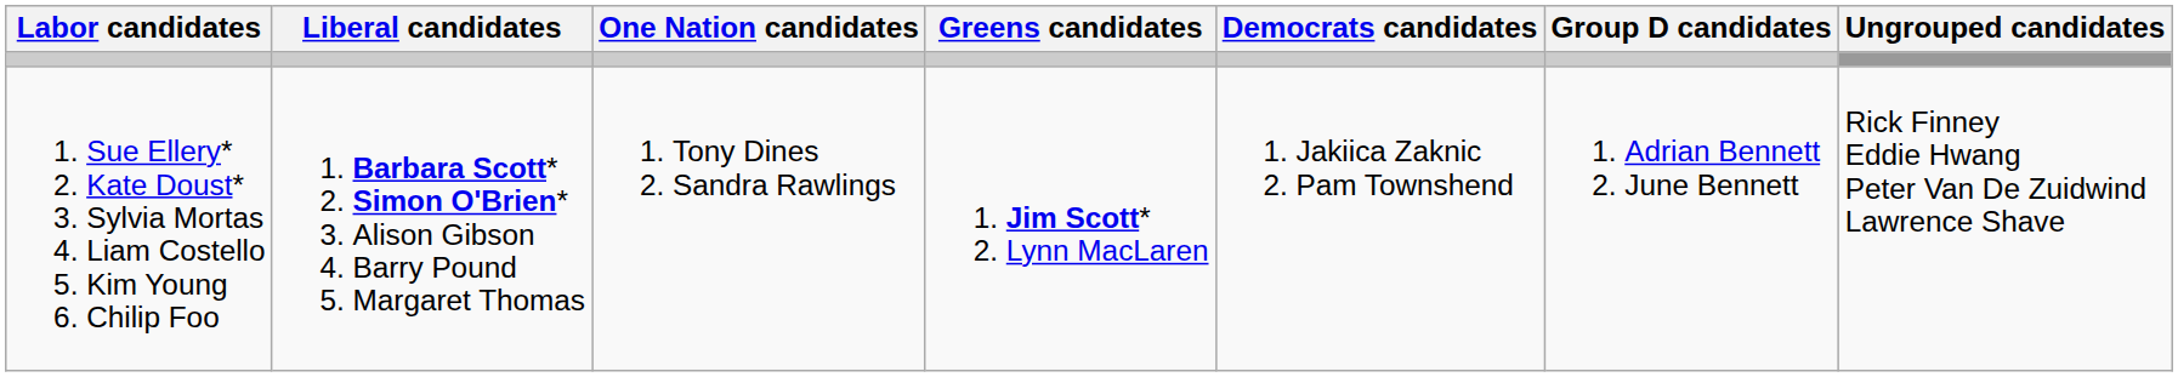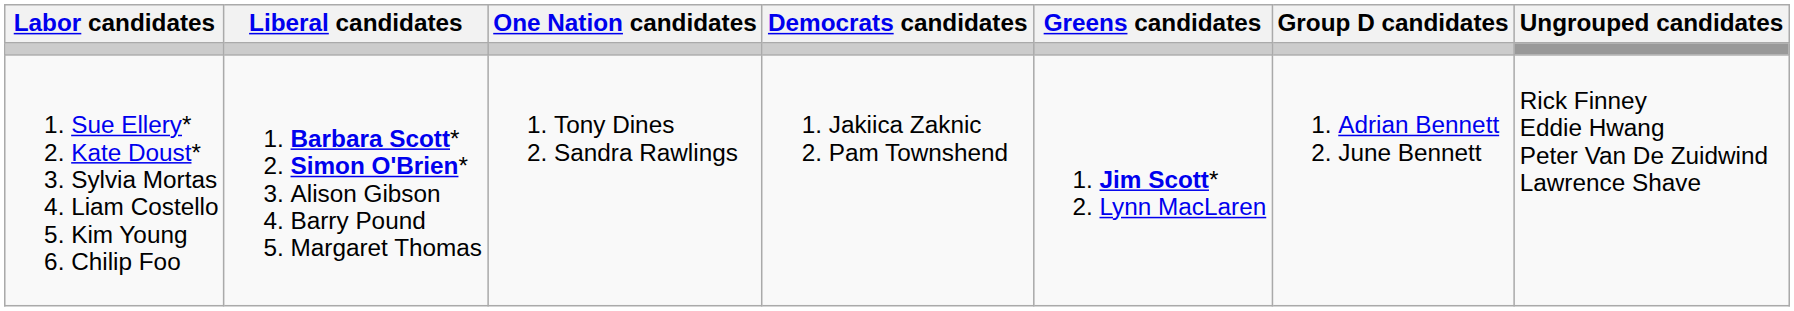 <table class="wikitable">
 <tr>
 <th><a href='#'>Labor</a> candidates</th>
 <th><a href='#'>Liberal</a> candidates</th>
 <th><a href='#'>One Nation</a> candidates</th>
+<th><a href='#'>Democrats</a> candidates</th>
 <th><a href='#'>Greens</a> candidates</th>
-<th><a href='#'>Democrats</a> candidates</th>
 <th>Group D candidates</th>
 <th>Ungrouped candidates</th>
 </tr>
 <tr bgcolor="#cccccc">
 <td></td>
 <td></td>
 <td></td>
 <td></td>
 <td></td>
 <td></td>
 <td bgcolor="#999999"></td>
 </tr>
 <tr>
 <td><br><ol><li><a href='#'>Sue Ellery</a>*</li><li><a href='#'>Kate Doust</a>*</li><li>Sylvia Mortas</li><li>Liam Costello</li><li>Kim Young</li><li>Chilip Foo</li></ol></td>
 <td><br><ol><li><strong><a href='#'>Barbara Scott</a></strong>*</li><li><strong><a href='#'>Simon O'Brien</a></strong>*</li><li>Alison Gibson</li><li>Barry Pound</li><li>Margaret Thomas</li></ol></td>
 <td valign=top><br><ol><li>Tony Dines</li><li>Sandra Rawlings</li></ol></td>
+<td valign=top><br><ol><li>Jakiica Zaknic</li><li>Pam Townshend</li></ol></td>
 <td><br><ol><li><strong><a href='#'>Jim Scott</a></strong>*</li><li><a href='#'>Lynn MacLaren</a></li></ol></td>
-<td valign=top><br><ol><li>Jakiica Zaknic</li><li>Pam Townshend</li></ol></td>
 <td valign=top><br><ol><li><a href='#'>Adrian Bennett</a></li><li>June Bennett</li></ol></td>
 <td valign=top><br>Rick Finney<br> Eddie Hwang<br> Peter Van De Zuidwind<br> Lawrence Shave</td>
 </tr>
 </table>
